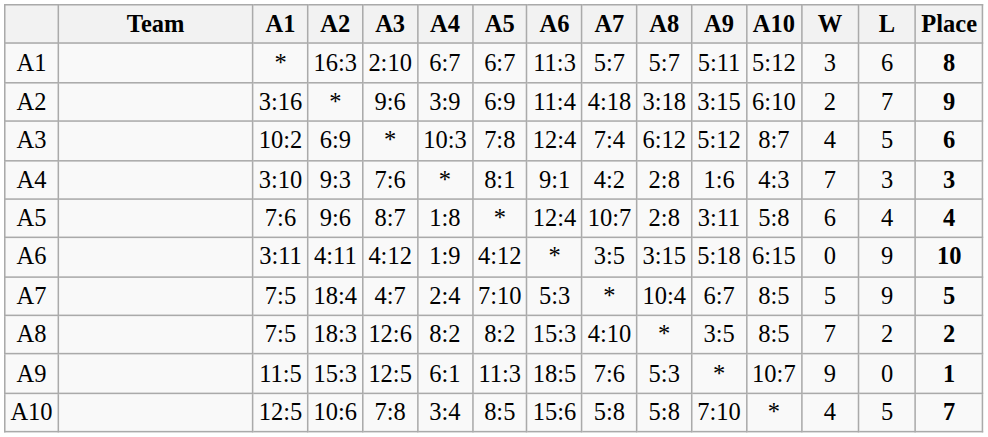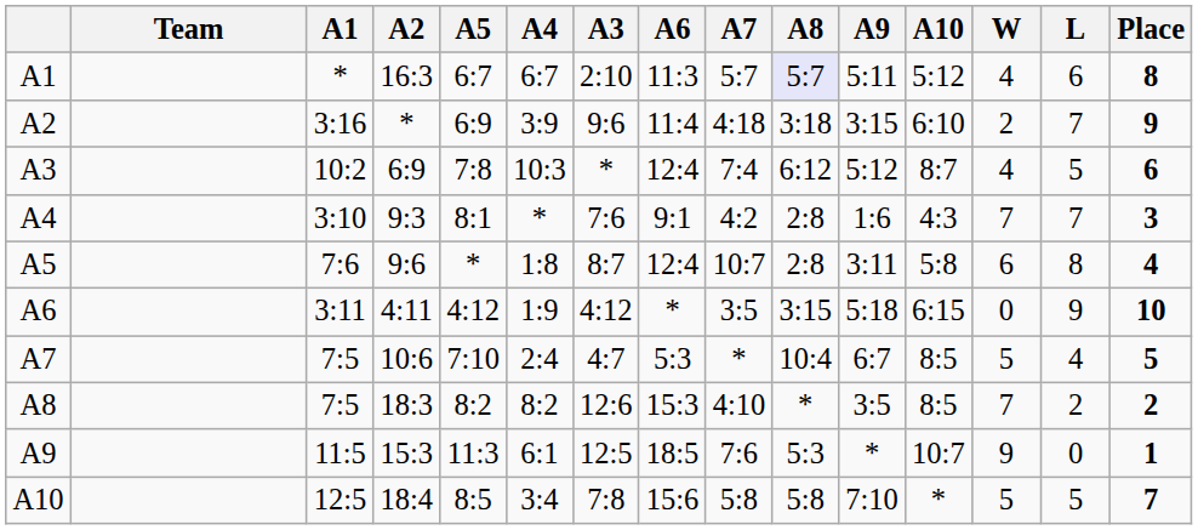 <table class="wikitable" style="text-align:center;">
 <tr>
 <th></th>
 <th width="120">Team</th>
 <th width="25">A1</th>
 <th width="25">A2</th>
+<th width="25">A5</th>
+<th width="25">A4</th>
 <th width="25">A3</th>
-<th width="25">A4</th>
-<th width="25">A5</th>
 <th width="25">A6</th>
 <th width="25">A7</th>
 <th width="25">A8</th>
 <th width="25">A9</th>
 <th width="25">A10</th>
 <th width="30">W</th>
 <th width="30">L</th>
 <th>Place</th>
 </tr>
 <tr>
 <td>A1</td>
 <td align="left"></td>
 <td>*</td>
 <td>16:3</td>
-<td>2:10</td>
 <td>6:7</td>
 <td>6:7</td>
+<td>2:10</td>
 <td>11:3</td>
 <td>5:7</td>
-<td>5:7</td>
+<td style="background: lavender;">5:7</td>
 <td>5:11</td>
 <td>5:12</td>
-<td>3</td>
+<td>4</td>
 <td>6</td>
 <td><strong>8</strong></td>
 </tr>
 <tr>
 <td>A2</td>
 <td align="left"></td>
 <td>3:16</td>
 <td>*</td>
+<td>6:9</td>
+<td>3:9</td>
 <td>9:6</td>
-<td>3:9</td>
-<td>6:9</td>
 <td>11:4</td>
 <td>4:18</td>
 <td>3:18</td>
 <td>3:15</td>
 <td>6:10</td>
 <td>2</td>
 <td>7</td>
 <td><strong>9</strong></td>
 </tr>
 <tr>
 <td>A3</td>
 <td align="left"></td>
 <td>10:2</td>
 <td>6:9</td>
+<td>7:8</td>
+<td>10:3</td>
 <td>*</td>
-<td>10:3</td>
-<td>7:8</td>
 <td>12:4</td>
 <td>7:4</td>
 <td>6:12</td>
 <td>5:12</td>
 <td>8:7</td>
 <td>4</td>
 <td>5</td>
 <td><strong>6</strong></td>
 </tr>
 <tr>
 <td>A4</td>
 <td align="left"></td>
 <td>3:10</td>
 <td>9:3</td>
+<td>8:1</td>
+<td>*</td>
 <td>7:6</td>
-<td>*</td>
-<td>8:1</td>
 <td>9:1</td>
 <td>4:2</td>
 <td>2:8</td>
 <td>1:6</td>
 <td>4:3</td>
 <td>7</td>
-<td>3</td>
+<td>7</td>
 <td><strong>3</strong></td>
 </tr>
 <tr>
 <td>A5</td>
 <td align="left"></td>
 <td>7:6</td>
 <td>9:6</td>
+<td>*</td>
+<td>1:8</td>
 <td>8:7</td>
-<td>1:8</td>
-<td>*</td>
 <td>12:4</td>
 <td>10:7</td>
 <td>2:8</td>
 <td>3:11</td>
 <td>5:8</td>
 <td>6</td>
-<td>4</td>
+<td>8</td>
 <td><strong>4</strong></td>
 </tr>
 <tr>
 <td>A6</td>
 <td align="left"></td>
 <td>3:11</td>
 <td>4:11</td>
 <td>4:12</td>
 <td>1:9</td>
 <td>4:12</td>
 <td>*</td>
 <td>3:5</td>
 <td>3:15</td>
 <td>5:18</td>
 <td>6:15</td>
 <td>0</td>
 <td>9</td>
 <td><strong>10</strong></td>
 </tr>
 <tr>
 <td>A7</td>
 <td align="left"></td>
 <td>7:5</td>
-<td>18:4</td>
+<td>10:6</td>
+<td>7:10</td>
+<td>2:4</td>
 <td>4:7</td>
-<td>2:4</td>
-<td>7:10</td>
 <td>5:3</td>
 <td>*</td>
 <td>10:4</td>
 <td>6:7</td>
 <td>8:5</td>
 <td>5</td>
-<td>9</td>
+<td>4</td>
 <td><strong>5</strong></td>
 </tr>
 <tr>
 <td>A8</td>
 <td align="left"></td>
 <td>7:5</td>
 <td>18:3</td>
-<td>12:6</td>
 <td>8:2</td>
 <td>8:2</td>
+<td>12:6</td>
 <td>15:3</td>
 <td>4:10</td>
 <td>*</td>
 <td>3:5</td>
 <td>8:5</td>
 <td>7</td>
 <td>2</td>
 <td><strong>2</strong></td>
 </tr>
 <tr>
 <td>A9</td>
 <td align="left"></td>
 <td>11:5</td>
 <td>15:3</td>
+<td>11:3</td>
+<td>6:1</td>
 <td>12:5</td>
-<td>6:1</td>
-<td>11:3</td>
 <td>18:5</td>
 <td>7:6</td>
 <td>5:3</td>
 <td>*</td>
 <td>10:7</td>
 <td>9</td>
 <td>0</td>
 <td><strong>1</strong></td>
 </tr>
 <tr>
 <td>A10</td>
 <td align="left"></td>
 <td>12:5</td>
-<td>10:6</td>
+<td>18:4</td>
+<td>8:5</td>
+<td>3:4</td>
 <td>7:8</td>
-<td>3:4</td>
-<td>8:5</td>
 <td>15:6</td>
 <td>5:8</td>
 <td>5:8</td>
 <td>7:10</td>
 <td>*</td>
-<td>4</td>
+<td>5</td>
 <td>5</td>
 <td><strong>7</strong></td>
 </tr>
 </table>
